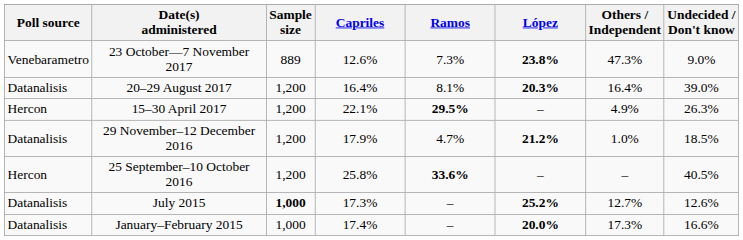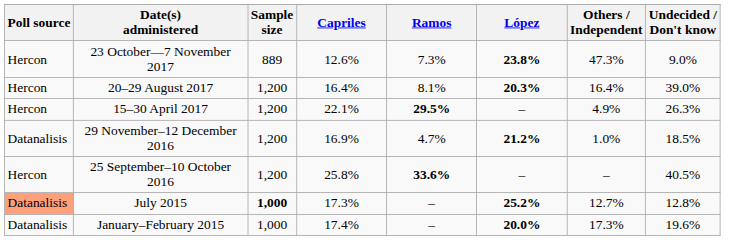 <table class="wikitable sortable">
 <tr>
 </tr>
 <tr>
 <th scope="col">Poll source</th>
 <th scope="col" style="width:200px;">Date(s) <br>administered</th>
 <th scope="col">Sample<br>size</th>
 <th scope="col" style="width:100px;"><a href='#'>Capriles</a></th>
 <th scope="col" style="width:100px;"><a href='#'>Ramos</a></th>
 <th scope="col" style="width:100px;"><a href='#'>López</a></th>
 <th scope="col">Others /<br>Independent</th>
 <th scope="col">Undecided /<br>Don't know</th>
 </tr>
 <tr>
-<td>Venebarametro</td>
+<td>Hercon</td>
 <td align=center>23 October—7 November 2017</td>
 <td align=center>889</td>
 <td align=center>12.6%</td>
 <td align=center>7.3%</td>
 <td style="text-align:center;background:"><strong>23.8%</strong></td>
 <td align=center>47.3%</td>
 <td align=center>9.0%</td>
 </tr>
 <tr>
-<td>Datanalisis</td>
+<td>Hercon</td>
 <td align=center>20–29 August 2017</td>
 <td align=center>1,200</td>
 <td align=center>16.4%</td>
 <td align=center>8.1%</td>
 <td style="text-align:center;background:"><strong>20.3%</strong></td>
 <td align=center>16.4%</td>
 <td align=center>39.0%</td>
 </tr>
 <tr>
 <td>Hercon</td>
 <td align=center>15–30 April 2017</td>
 <td align=center>1,200</td>
 <td align=center>22.1%</td>
 <td style="text-align:center;background:"><strong>29.5%</strong></td>
 <td align=center>–</td>
 <td align=center>4.9%</td>
 <td align=center>26.3%</td>
 </tr>
 <tr>
 <td>Datanalisis</td>
 <td align=center>29 November–12 December 2016</td>
 <td align=center>1,200</td>
-<td align=center>17.9%</td>
+<td align=center>16.9%</td>
 <td align=center>4.7%</td>
 <td style="text-align:center;background:"><strong>21.2%</strong></td>
 <td align=center>1.0%</td>
 <td align=center>18.5%</td>
 </tr>
 <tr>
 <td>Hercon</td>
 <td align=center>25 September–10 October 2016</td>
 <td align=center>1,200</td>
 <td align=center>25.8%</td>
 <td style="text-align:center;background:"><strong>33.6%</strong></td>
 <td align=center>–</td>
 <td align=center>–</td>
 <td align=center>40.5%</td>
 </tr>
 <tr>
-<td>Datanalisis</td>
+<td style="background: lightsalmon;">Datanalisis</td>
 <td align=center>July 2015</td>
 <td align=center><strong>1,000</strong></td>
 <td align=center>17.3%</td>
 <td align=center>–</td>
 <td style="text-align:center;background:"><strong>25.2%</strong></td>
 <td align=center>12.7%</td>
-<td align=center>12.6%</td>
+<td align=center>12.8%</td>
 </tr>
 <tr>
 <td>Datanalisis</td>
 <td align=center>January–February 2015</td>
 <td align=center>1,000</td>
 <td align=center>17.4%</td>
 <td align=center>–</td>
 <td style="text-align:center;background:"><strong>20.0%</strong></td>
 <td align=center>17.3%</td>
-<td align=center>16.6%</td>
+<td align=center>19.6%</td>
 </tr>
 </table>
